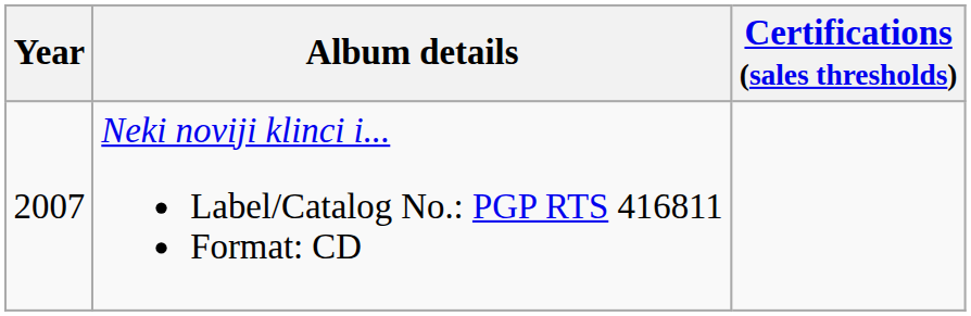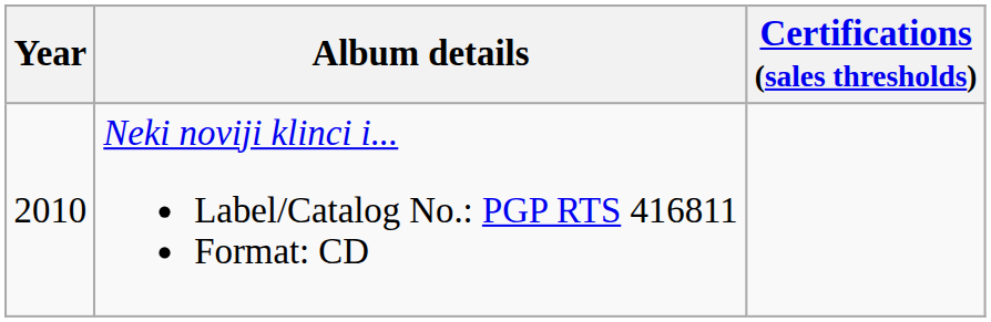 <table class="wikitable" style="text-align:center;">
 <tr>
 <th>Year</th>
 <th>Album details</th>
 <th><a href='#'>Certifications</a><br><small>(<a href='#'>sales thresholds</a>)</small></th>
 </tr>
 <tr>
-<td>2007</td>
+<td>2010</td>
 <td style="text-align:left;"><em><a href='#'>Neki noviji klinci i...</a></em><br><ul><li>Label/Catalog No.: <a href='#'>PGP RTS</a> 416811</li><li>Format: CD</li></ul></td>
 <td></td>
 </tr>
 </table>
